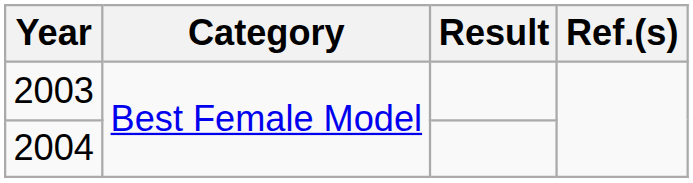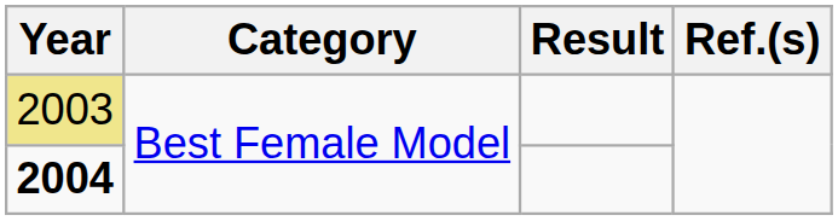 <table class="wikitable sortable">
 <tr style="text-align:center;">
 <th>Year</th>
 <th>Category</th>
 <th>Result</th>
 <th>Ref.(s)</th>
 </tr>
 <tr>
-<td>2003</td>
+<td style="background: khaki;">2003</td>
 <td rowspan="2"><a href='#'>Best Female Model</a></td>
 <td></td>
 <td rowspan="2"></td>
 </tr>
 <tr>
-<td>2004</td>
+<td><strong>2004</strong></td>
 <td></td>
 </tr>
 </table>
